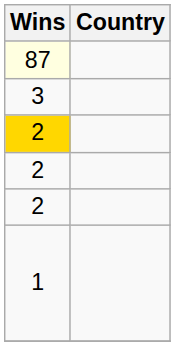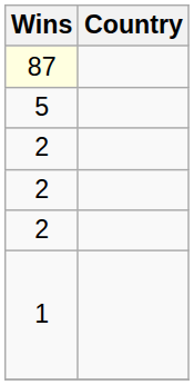 <table class="wikitable">
 <tr>
 <th>Wins</th>
 <th>Country</th>
 </tr>
 <tr>
 <td align=center style="background: lightyellow;">87</td>
 <td></td>
 </tr>
 <tr>
-<td align=center>3</td>
+<td align=center>5</td>
 <td></td>
 </tr>
 <tr>
-<td align=center style="background: gold;">2</td>
+<td align=center>2</td>
 <td></td>
 </tr>
 <tr>
 <td align=center>2</td>
 <td></td>
 </tr>
 <tr>
 <td align=center>2</td>
 <td></td>
 </tr>
 <tr>
 <td align=center>1</td>
 <td><br><br><br><br></td>
 </tr>
 <tr>
 </tr>
 </table>
